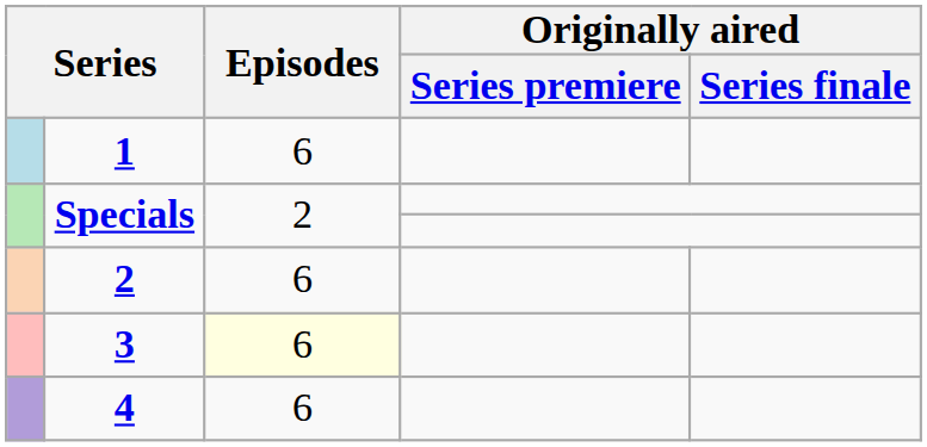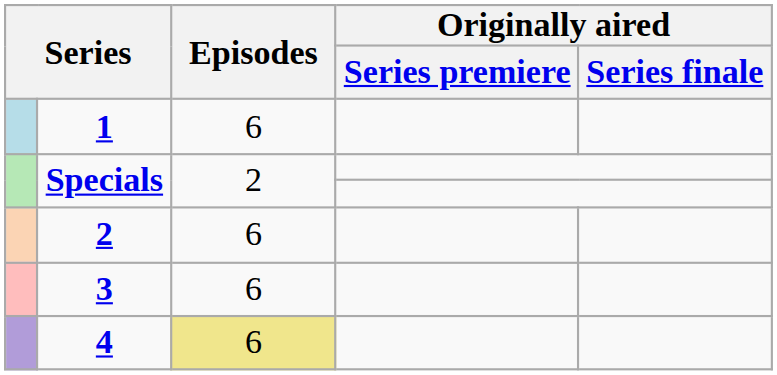 <table class="wikitable" style="text-align: center;">
 <tr>
 <th style="padding: 0 8px;" rowspan="2" colspan="2">Series</th>
 <th style="padding: 0 8px;" rowspan="2">Episodes</th>
 <th style="padding: 0 8px;" colspan="2">Originally aired</th>
 </tr>
 <tr>
 <th><a href='#'>Series premiere</a></th>
 <th><a href='#'>Series finale</a></th>
 </tr>
 <tr>
 <td style="background-color:#B6DDE8; width:8px;"></td>
 <td><strong><a href='#'>1</a></strong></td>
 <td>6</td>
 <td></td>
 <td></td>
 </tr>
 <tr>
 <td rowspan="2" style="background-color:#B6E8B6; width:8px;"></td>
 <td rowspan="2"><strong><a href='#'>Specials</a></strong></td>
 <td rowspan="2">2</td>
 <td colspan="2"></td>
 </tr>
 <tr>
 <td colspan="2"></td>
 </tr>
 <tr>
 <td style="background-color:#FBD4B4; width:8px;"></td>
 <td><strong><a href='#'>2</a></strong></td>
 <td>6</td>
 <td></td>
 <td></td>
 </tr>
 <tr>
 <td style="background-color:#ffbdbd; width:8px;"></td>
 <td><strong><a href='#'>3</a></strong></td>
-<td style="background: lightyellow;">6</td>
+<td>6</td>
 <td></td>
 <td></td>
 </tr>
 <tr>
 <td style="background-color:#b19cd9; width:8px;"></td>
 <td><strong><a href='#'>4</a></strong></td>
-<td>6</td>
+<td style="background: khaki;">6</td>
 <td></td>
 <td></td>
 </tr>
 </table>
